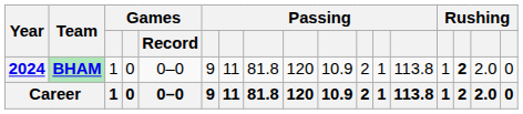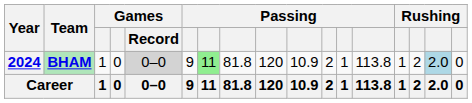 <table class="wikitable" style="text-align:center;">
 <tr>
 <th rowspan="2">Year</th>
 <th rowspan="2">Team</th>
 <th colspan="3">Games</th>
 <th colspan="8">Passing</th>
 <th colspan="4">Rushing</th>
 </tr>
 <tr>
 <th></th>
 <th></th>
 <th>Record</th>
 <th></th>
 <th></th>
 <th></th>
 <th></th>
 <th></th>
 <th></th>
 <th></th>
 <th></th>
 <th></th>
 <th></th>
 <th></th>
 <th></th>
 </tr>
 <tr>
 <th><a href='#'>2024</a></th>
 <th style="background:#afe6ba;"><a href='#'>BHAM</a></th>
 <td>1</td>
 <td>0</td>
-<td>0–0</td>
+<td style="background: lightgrey;">0–0</td>
 <td>9</td>
-<td>11</td>
+<td style="background: lightgreen;">11</td>
 <td>81.8</td>
 <td>120</td>
 <td>10.9</td>
 <td>2</td>
 <td>1</td>
 <td>113.8</td>
 <td>1</td>
-<td><strong>2</strong></td>
-<td>2.0</td>
+<td>2</td>
+<td style="background: lightblue;">2.0</td>
 <td>0</td>
 </tr>
 <tr>
 <th colspan="2">Career</th>
 <th>1</th>
 <th>0</th>
 <th>0–0</th>
 <th>9</th>
 <th>11</th>
 <th>81.8</th>
 <th>120</th>
 <th>10.9</th>
 <th>2</th>
 <th>1</th>
 <th>113.8</th>
 <th>1</th>
 <th>2</th>
 <th>2.0</th>
 <th>0</th>
 </tr>
 </table>
